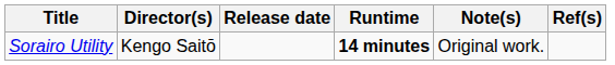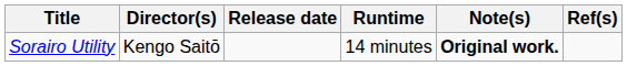 <table class="wikitable sortable">
 <tr>
 <th scope="col">Title</th>
 <th scope="col">Director(s)</th>
 <th scope="col">Release date</th>
 <th scope="col">Runtime</th>
 <th scope="col" class="unsortable">Note(s)</th>
 <th scope="col" class="unsortable">Ref(s)</th>
 </tr>
 <tr>
 <td><em><a href='#'>Sorairo Utility</a></em></td>
 <td>Kengo Saitō</td>
 <td></td>
-<td><strong>14 minutes</strong></td>
-<td>Original work.</td>
+<td>14 minutes</td>
+<td><strong>Original work.</strong></td>
 <td style="text-align:center"></td>
 </tr>
 <tr>
 </tr>
 </table>
